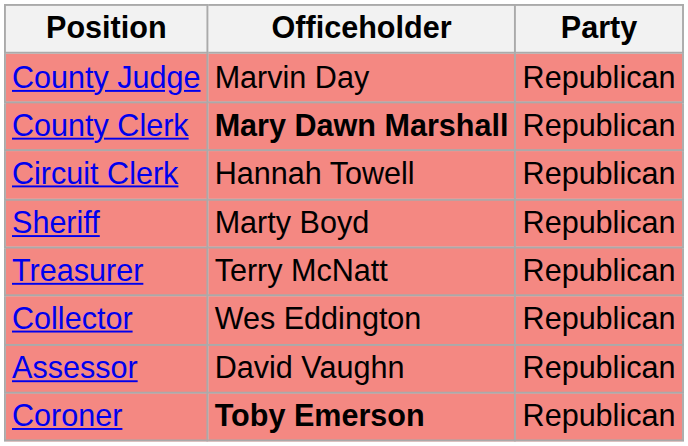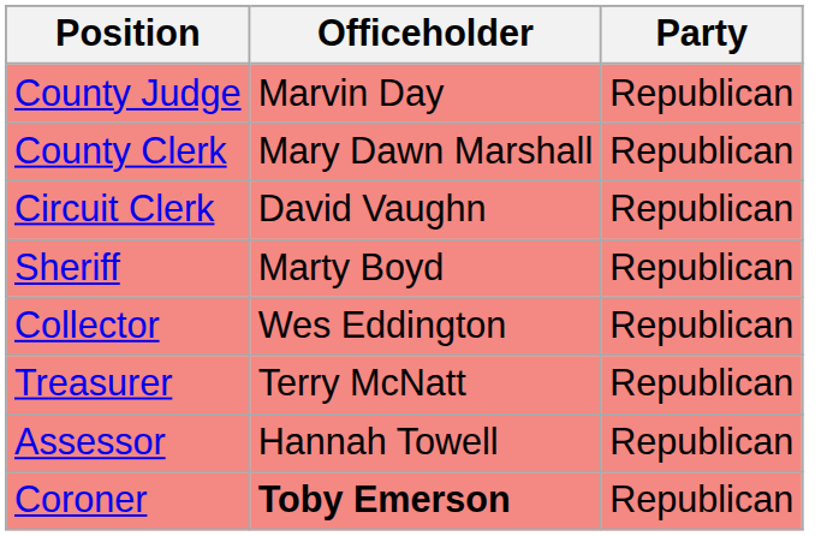 <table class="wikitable mw-collapsible">
 <tr>
 <th>Position</th>
 <th>Officeholder</th>
 <th>Party</th>
 </tr>
 <tr style="background-color:#F48882;">
 <td><a href='#'>County Judge</a></td>
 <td>Marvin Day</td>
 <td>Republican</td>
 </tr>
 <tr style="background-color:#F48882;">
 <td><a href='#'>County Clerk</a></td>
-<td><strong>Mary Dawn Marshall</strong></td>
+<td>Mary Dawn Marshall</td>
 <td>Republican</td>
 </tr>
 <tr style="background-color:#F48882;">
 <td><a href='#'>Circuit Clerk</a></td>
-<td>Hannah Towell</td>
+<td>David Vaughn</td>
 <td>Republican</td>
 </tr>
 <tr style="background-color:#F48882;">
 <td><a href='#'>Sheriff</a></td>
 <td>Marty Boyd</td>
 <td>Republican</td>
 </tr>
 <tr style="background-color:#F48882;">
+<td><a href='#'>Collector</a></td>
+<td>Wes Eddington</td>
+<td>Republican</td>
+</tr>
+<tr style="background-color:#F48882;">
 <td><a href='#'>Treasurer</a></td>
 <td>Terry McNatt</td>
 <td>Republican</td>
 </tr>
 <tr style="background-color:#F48882;">
-<td><a href='#'>Collector</a></td>
-<td>Wes Eddington</td>
-<td>Republican</td>
-</tr>
-<tr style="background-color:#F48882;">
 <td><a href='#'>Assessor</a></td>
-<td>David Vaughn</td>
+<td>Hannah Towell</td>
 <td>Republican</td>
 </tr>
 <tr style="background-color:#F48882;">
 <td><a href='#'>Coroner</a></td>
 <td><strong>Toby Emerson</strong></td>
 <td>Republican</td>
 </tr>
 </table>
